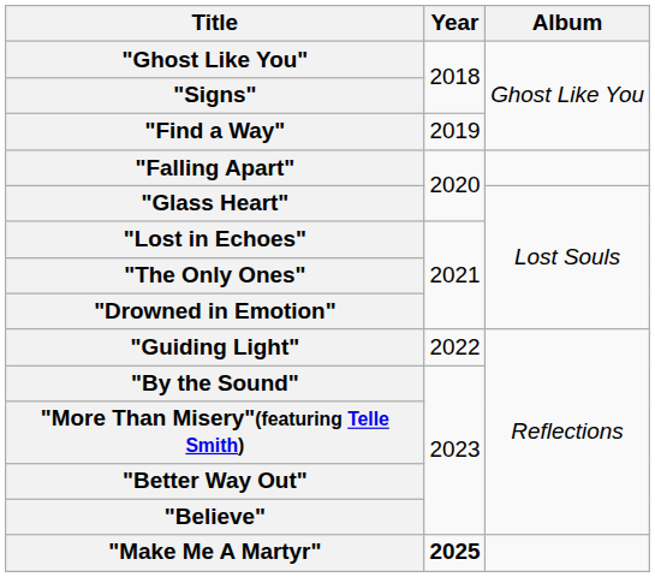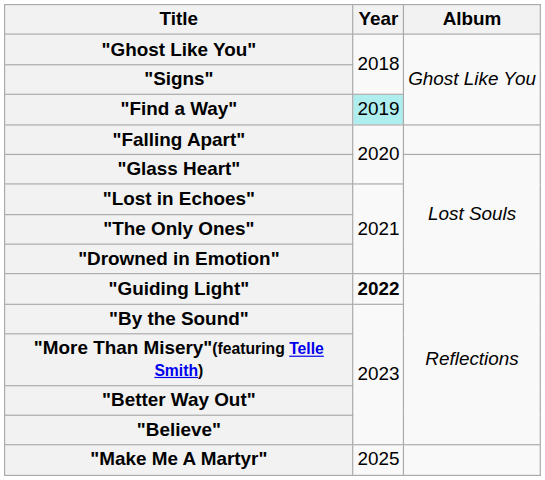 <table class="wikitable plainrowheaders" style="text-align:center;">
 <tr>
 <th scope="col" style="width:18em;">Title</th>
 <th scope="col">Year</th>
 <th>Album</th>
 </tr>
 <tr>
 <th scope="row">"Ghost Like You"</th>
 <td rowspan="2">2018</td>
 <td rowspan="3"><em>Ghost Like You</em></td>
 </tr>
 <tr>
 <th scope="row">"Signs"</th>
 </tr>
 <tr>
 <th scope="row">"Find a Way"</th>
-<td>2019</td>
+<td style="background: paleturquoise;">2019</td>
 </tr>
 <tr>
 <th scope="row">"Falling Apart"</th>
 <td rowspan="2">2020</td>
 <td></td>
 </tr>
 <tr>
 <th scope="row">"Glass Heart"</th>
 <td rowspan="4"><em>Lost Souls</em></td>
 </tr>
 <tr>
 <th scope="row">"Lost in Echoes"</th>
 <td rowspan="3">2021</td>
 </tr>
 <tr>
 <th scope="row">"The Only Ones"</th>
 </tr>
 <tr>
 <th scope="row">"Drowned in Emotion"</th>
 </tr>
 <tr>
 <th scope="row">"Guiding Light"</th>
-<td>2022</td>
+<td><strong>2022</strong></td>
 <td rowspan="5"><em>Reflections</em></td>
 </tr>
 <tr>
 <th scope="row">"By the Sound"</th>
 <td rowspan="4">2023</td>
 </tr>
 <tr>
 <th scope="row">"More Than Misery"<small>(featuring <a href='#'>Telle Smith</a>)</small></th>
 </tr>
 <tr>
 <th scope="row">"Better Way Out"</th>
 </tr>
 <tr>
 <th scope="row">"Believe"</th>
 </tr>
 <tr>
 <th scope="row">"Make Me A Martyr"</th>
-<td><strong>2025</strong></td>
+<td>2025</td>
 <td></td>
 </tr>
 </table>
